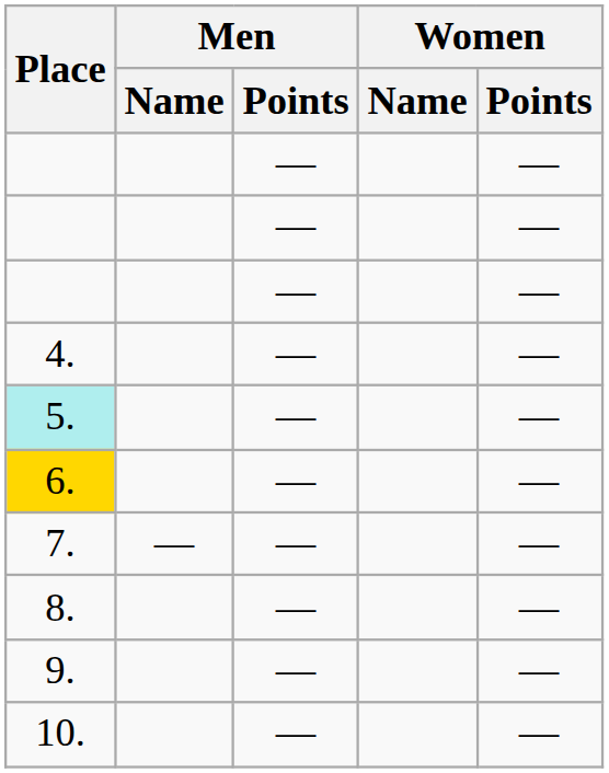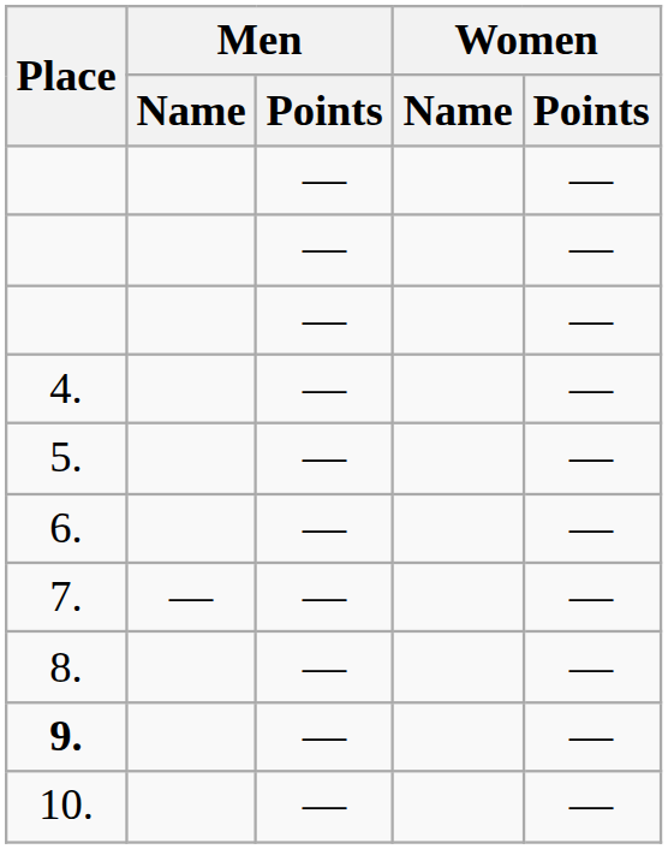 <table class=wikitable>
 <tr>
 <th rowspan="2">Place</th>
 <th colspan="2">Men</th>
 <th colspan="2">Women</th>
 </tr>
 <tr>
 <th>Name</th>
 <th>Points</th>
 <th>Name</th>
 <th>Points</th>
 </tr>
 <tr>
 <td align="center"></td>
 <td></td>
 <td style="text-align: center;">—</td>
 <td></td>
 <td style="text-align: center;">—</td>
 </tr>
 <tr>
 <td align="center"></td>
 <td></td>
 <td style="text-align: center;">—</td>
 <td></td>
 <td style="text-align: center;">—</td>
 </tr>
 <tr>
 <td align="center"></td>
 <td></td>
 <td style="text-align: center;">—</td>
 <td></td>
 <td style="text-align: center;">—</td>
 </tr>
 <tr>
 <td align="center">4.</td>
 <td></td>
 <td style="text-align: center;">—</td>
 <td></td>
 <td style="text-align: center;">—</td>
 </tr>
 <tr>
-<td align="center" style="background: paleturquoise;">5.</td>
+<td align="center">5.</td>
 <td></td>
 <td style="text-align: center;">—</td>
 <td></td>
 <td style="text-align: center;">—</td>
 </tr>
 <tr>
-<td align="center" style="background: gold;">6.</td>
+<td align="center">6.</td>
 <td> <br> </td>
 <td style="text-align: center;">—</td>
 <td></td>
 <td style="text-align: center;">—</td>
 </tr>
 <tr>
 <td align="center">7.</td>
 <td style="text-align: center;">—</td>
 <td style="text-align: center;">—</td>
 <td></td>
 <td style="text-align: center;">—</td>
 </tr>
 <tr>
 <td align="center">8.</td>
 <td></td>
 <td style="text-align: center;">—</td>
 <td></td>
 <td style="text-align: center;">—</td>
 </tr>
 <tr>
-<td align="center">9.</td>
+<td align="center"><strong>9.</strong></td>
 <td></td>
 <td style="text-align: center;">—</td>
 <td></td>
 <td style="text-align: center;">—</td>
 </tr>
 <tr>
 <td align="center">10.</td>
 <td></td>
 <td style="text-align: center;">—</td>
 <td></td>
 <td style="text-align: center;">—</td>
 </tr>
 </table>
